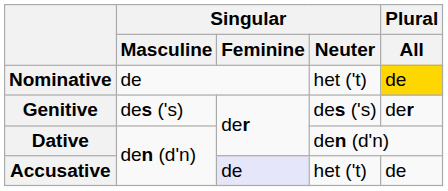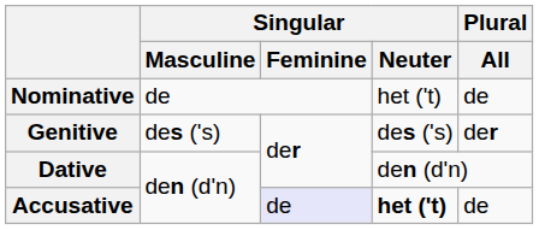 <table class="wikitable">
 <tr>
 <th rowspan="2"></th>
 <th colspan="3">Singular</th>
 <th>Plural</th>
 </tr>
 <tr>
 <th>Masculine</th>
 <th>Feminine</th>
 <th>Neuter</th>
 <th>All</th>
 </tr>
 <tr>
 <th>Nominative</th>
 <td colspan="2">de</td>
 <td>het ('t)</td>
-<td style="background: gold;">de</td>
+<td>de</td>
 </tr>
 <tr>
 <th>Genitive</th>
 <td>de<strong>s</strong> ('s)</td>
 <td rowspan="2">de<strong>r</strong></td>
 <td>de<strong>s</strong> ('s)</td>
 <td>de<strong>r</strong></td>
 </tr>
 <tr>
 <th>Dative</th>
 <td rowspan="2">de<strong>n</strong> (d'n)</td>
 <td colspan="2">de<strong>n</strong> (d'n)</td>
 </tr>
 <tr>
 <th>Accusative</th>
 <td style="background: lavender;">de</td>
-<td>het ('t)</td>
+<td><strong>het ('t)</strong></td>
 <td>de</td>
 </tr>
 </table>
